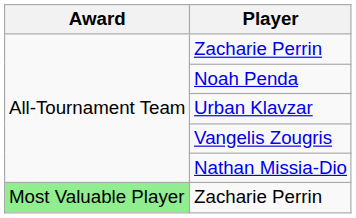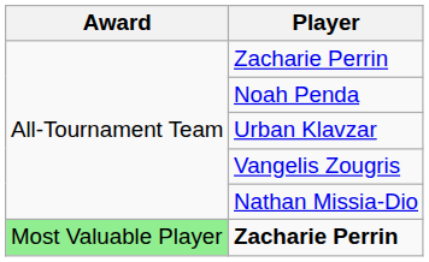 <table class="wikitable">
 <tr>
 <th>Award</th>
 <th>Player</th>
 </tr>
 <tr>
 <td rowspan=5>All-Tournament Team</td>
 <td> <a href='#'>Zacharie Perrin</a></td>
 </tr>
 <tr>
 <td> <a href='#'>Noah Penda</a></td>
 </tr>
 <tr>
 <td> <a href='#'>Urban Klavzar</a></td>
 </tr>
 <tr>
 <td> <a href='#'>Vangelis Zougris</a></td>
 </tr>
 <tr>
 <td> <a href='#'>Nathan Missia-Dio</a></td>
 </tr>
 <tr>
 <td style="background: lightgreen;">Most Valuable Player</td>
-<td> Zacharie Perrin</td>
+<td><strong> Zacharie Perrin</strong></td>
 </tr>
 </table>
